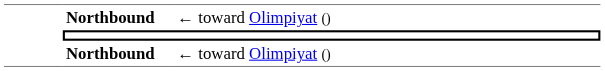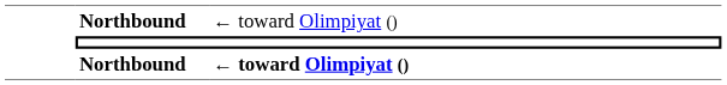 <table table border=0 cellspacing=0 cellpadding=3>
 <tr>
 <td style="border-top:solid 1px gray;border-bottom:solid 1px gray;" width=50 rowspan=3 valign=top></td>
 <td style="border-top:solid 1px gray;" width=100><strong>Northbound</strong></td>
 <td style="border-top:solid 1px gray;" width=400>←  toward <a href='#'>Olimpiyat</a> <small>()</small></td>
 </tr>
 <tr>
 <td style="border-top:solid 2px black;border-right:solid 2px black;border-left:solid 2px black;border-bottom:solid 2px black;text-align:center;" colspan=2></td>
 </tr>
 <tr>
 <td style="border-bottom:solid 1px gray;"><strong>Northbound</strong></td>
-<td style="border-bottom:solid 1px gray;">←  toward <a href='#'>Olimpiyat</a> <small>()</small></td>
+<td style="border-bottom:solid 1px gray;"><strong>←  toward <a href='#'>Olimpiyat</a> <small>()</small></strong></td>
 </tr>
 </table>
